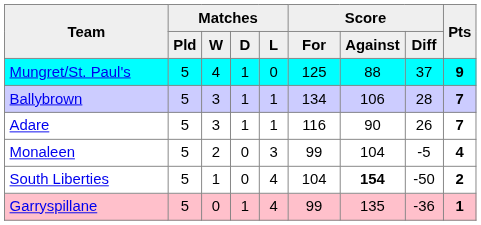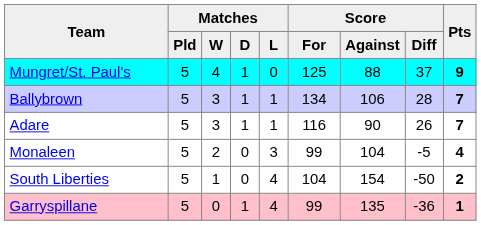 <table style=border-collapse:collapse border=1 cellspacing=0 cellpadding=5>
 <tr align=center bgcolor=#efefef>
 <th rowspan=2 width=165>Team</th>
 <th colspan=4>Matches</th>
 <th colspan=3>Score</th>
 <th rowspan=2width=20>Pts</th>
 </tr>
 <tr align=center bgcolor=#efefef>
 <th width=20>Pld</th>
 <th width=20>W</th>
 <th width=20>D</th>
 <th width=20>L</th>
 <th width=45>For</th>
 <th width=45>Against</th>
 <th width=30>Diff</th>
 </tr>
 <tr align=center style="background:#00FFFF;">
 <td style="text-align:left;"><a href='#'>Mungret/St. Paul's</a></td>
 <td>5</td>
 <td>4</td>
 <td>1</td>
 <td>0</td>
 <td>125</td>
 <td>88</td>
 <td>37</td>
 <td><strong>9</strong></td>
 </tr>
 <tr align=center style="background:#ccccff;">
 <td style="text-align:left;"><a href='#'>Ballybrown</a></td>
 <td>5</td>
 <td>3</td>
 <td>1</td>
 <td>1</td>
 <td>134</td>
 <td>106</td>
 <td>28</td>
 <td><strong>7</strong></td>
 </tr>
 <tr align=center>
 <td style="text-align:left;"><a href='#'>Adare</a></td>
 <td>5</td>
 <td>3</td>
 <td>1</td>
 <td>1</td>
 <td>116</td>
 <td>90</td>
 <td>26</td>
 <td><strong>7</strong></td>
 </tr>
 <tr align=center>
 <td style="text-align:left;"><a href='#'>Monaleen</a></td>
 <td>5</td>
 <td>2</td>
 <td>0</td>
 <td>3</td>
 <td>99</td>
 <td>104</td>
 <td>-5</td>
 <td><strong>4</strong></td>
 </tr>
 <tr align=center>
 <td style="text-align:left;"><a href='#'>South Liberties</a></td>
 <td>5</td>
 <td>1</td>
 <td>0</td>
 <td>4</td>
 <td>104</td>
-<td><strong>154</strong></td>
+<td>154</td>
 <td>-50</td>
 <td><strong>2</strong></td>
 </tr>
 <tr align=center style="background:#FFC0CB;">
 <td style="text-align:left;"><a href='#'>Garryspillane</a></td>
 <td>5</td>
 <td>0</td>
 <td>1</td>
 <td>4</td>
 <td>99</td>
 <td>135</td>
 <td>-36</td>
 <td><strong>1</strong></td>
 </tr>
 </table>
